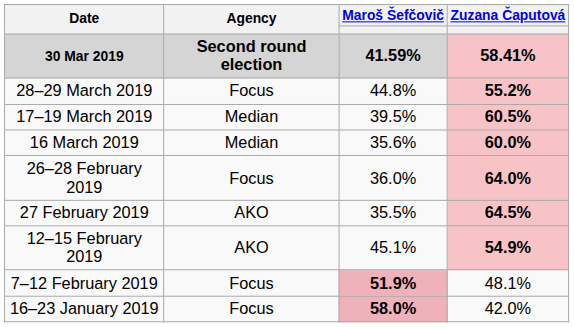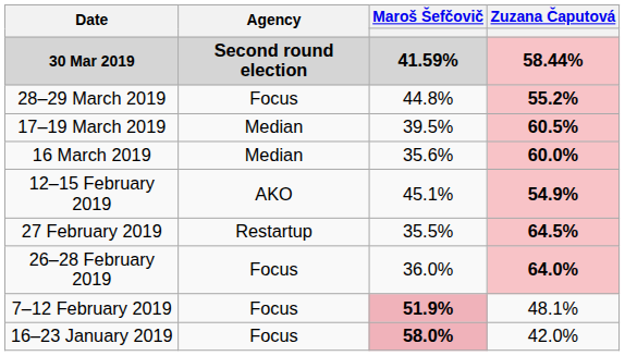 <table class="wikitable" style="text-align:center;">
 <tr style="font-size:85%;">
 <th style="width:150px;" rowspan="2">Date</th>
 <th style="width:165px;" rowspan="2">Agency</th>
 <th><a href='#'>Maroš Šefčovič</a></th>
 <th><a href='#'>Zuzana Čaputová</a></th>
 </tr>
 <tr>
 <th style="background:"></th>
 <th style="background:"></th>
 </tr>
 <tr>
 <td style="font-size:85%; background:#D5D5D5"><strong>30 Mar 2019</strong></td>
 <td style="background:#D5D5D5"><strong>Second round election</strong></td>
 <td style="background:#D5D5D5"><strong>41.59%</strong></td>
-<td style="background:#F8C3C7"><strong>58.41%</strong></td>
+<td style="background:#F8C3C7"><strong>58.44%</strong></td>
 </tr>
 <tr>
 <td>28–29 March 2019</td>
 <td>Focus</td>
 <td>44.8%</td>
 <td style="background:#F8C3C7"><strong>55.2%</strong></td>
 </tr>
 <tr>
 <td>17–19 March 2019</td>
 <td>Median</td>
 <td>39.5%</td>
 <td style="background:#F8C3C7"><strong>60.5%</strong></td>
 </tr>
 <tr>
 <td>16 March 2019</td>
 <td>Median</td>
 <td>35.6%</td>
 <td style="background:#F8C3C7"><strong>60.0%</strong></td>
 </tr>
 <tr>
+<td>12–15 February 2019</td>
+<td>AKO</td>
+<td>45.1%</td>
+<td style="background:#F8C3C7"><strong>54.9%</strong></td>
+</tr>
+<tr>
+<td>27 February 2019</td>
+<td>Restartup</td>
+<td>35.5%</td>
+<td style="background:#F8C3C7"><strong>64.5%</strong></td>
+</tr>
+<tr>
 <td>26–28 February 2019</td>
 <td>Focus</td>
 <td>36.0%</td>
 <td style="background:#F8C3C7"><strong>64.0%</strong></td>
-</tr>
-<tr>
-<td>27 February 2019</td>
-<td>AKO</td>
-<td>35.5%</td>
-<td style="background:#F8C3C7"><strong>64.5%</strong></td>
-</tr>
-<tr>
-<td>12–15 February 2019</td>
-<td>AKO</td>
-<td>45.1%</td>
-<td style="background:#F8C3C7"><strong>54.9%</strong></td>
 </tr>
 <tr>
 <td>7–12 February 2019</td>
 <td>Focus</td>
 <td style="background:#F0B2BA"><strong>51.9%</strong></td>
 <td>48.1%</td>
 </tr>
 <tr>
 <td>16–23 January 2019</td>
 <td>Focus</td>
 <td style="background:#F0B2BA"><strong>58.0%</strong></td>
 <td>42.0%</td>
 </tr>
 </table>
